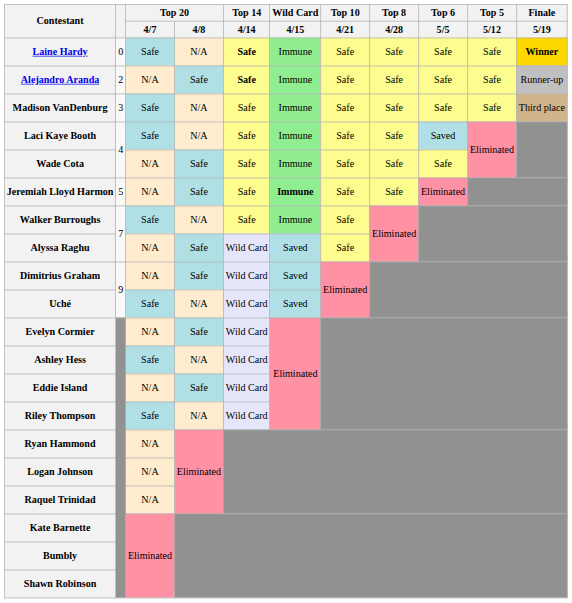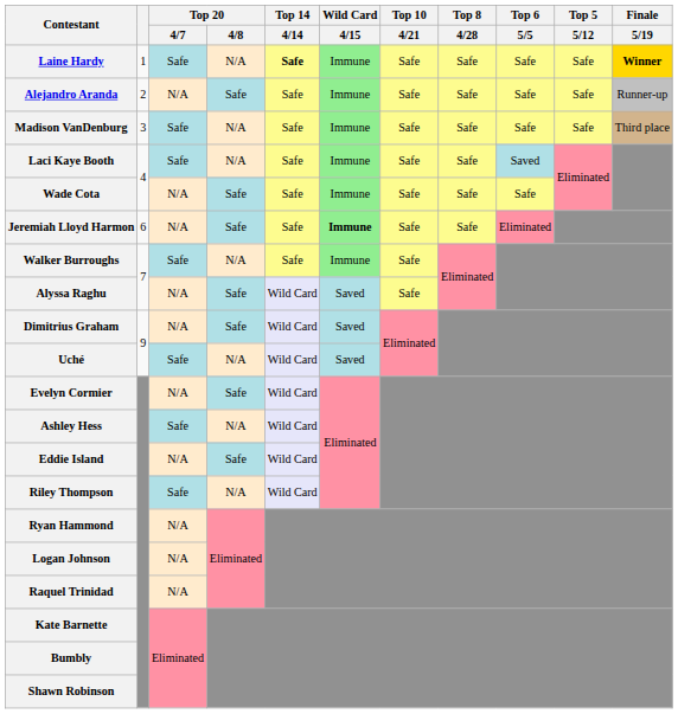 <table class="wikitable" style="text-align:center; font-size:90%;">
 <tr>
 <th rowspan="2" scope="col">Contestant</th>
 <th rowspan="2" scope="col"></th>
 <th colspan="2" scope="col">Top 20</th>
 <th scope="col">Top 14</th>
 <th scope="col">Wild Card</th>
 <th scope="col">Top 10</th>
 <th scope="col">Top 8</th>
 <th scope="col">Top 6</th>
 <th scope="col">Top 5</th>
 <th scope="col">Finale</th>
 </tr>
 <tr>
 <th>4/7</th>
 <th>4/8</th>
 <th>4/14</th>
 <th>4/15</th>
 <th>4/21</th>
 <th>4/28</th>
 <th>5/5</th>
 <th>5/12</th>
 <th>5/19</th>
 </tr>
 <tr style="height:40px">
 <th scope="row"><a href='#'>Laine Hardy</a></th>
-<td>0</td>
+<td>1</td>
 <td style="background:#B0E0E6;">Safe</td>
 <td style="background:#FFEBCD;">N/A</td>
 <td style="background:#FDFC8F;"><strong>Safe</strong></td>
 <td bgcolor="lightgreen">Immune</td>
 <td style="background:#FDFC8F;">Safe</td>
 <td style="background:#FDFC8F;">Safe</td>
 <td style="background:#FDFC8F;">Safe</td>
 <td style="background:#FDFC8F;">Safe</td>
 <td style="background:gold;"><strong>Winner</strong></td>
 </tr>
 <tr style="height:40px">
 <th scope="row"><a href='#'>Alejandro Aranda</a></th>
 <td>2</td>
 <td style="background:#FFEBCD;">N/A</td>
 <td style="background:#B0E0E6;">Safe</td>
-<td style="background:#FDFC8F;"><strong>Safe</strong></td>
+<td style="background:#FDFC8F;">Safe</td>
 <td bgcolor="lightgreen">Immune</td>
 <td style="background:#FDFC8F;">Safe</td>
 <td style="background:#FDFC8F;">Safe</td>
 <td style="background:#FDFC8F;">Safe</td>
 <td style="background:#FDFC8F;">Safe</td>
 <td style="background:silver;">Runner-up</td>
 </tr>
 <tr style="height:40px">
 <th scope="row">Madison VanDenburg</th>
 <td>3</td>
 <td style="background:#B0E0E6;">Safe</td>
 <td style="background:#FFEBCD;">N/A</td>
 <td style="background:#FDFC8F;">Safe</td>
 <td bgcolor="lightgreen">Immune</td>
 <td style="background:#FDFC8F;">Safe</td>
 <td style="background:#FDFC8F;">Safe</td>
 <td style="background:#FDFC8F;">Safe</td>
 <td style="background:#FDFC8F;">Safe</td>
 <td style="background:tan">Third place</td>
 </tr>
 <tr style="height:40px">
 <th scope="row">Laci Kaye Booth</th>
 <td rowspan="2">4</td>
 <td style="background:#B0E0E6;">Safe</td>
 <td style="background:#FFEBCD;">N/A</td>
 <td style="background:#FDFC8F;">Safe</td>
 <td bgcolor="lightgreen">Immune</td>
 <td style="background:#FDFC8F;">Safe</td>
 <td style="background:#FDFC8F;">Safe</td>
 <td style="background:#B0E0E6;">Saved</td>
 <td style="background:#FF91A4;" rowspan="2">Eliminated</td>
 <td style="background:#919191;" rowspan="2"></td>
 </tr>
 <tr style="height:40px">
 <th scope="row">Wade Cota</th>
 <td style="background:#FFEBCD;">N/A</td>
 <td style="background:#B0E0E6;">Safe</td>
 <td style="background:#FDFC8F;">Safe</td>
 <td bgcolor="lightgreen">Immune</td>
 <td style="background:#FDFC8F;">Safe</td>
 <td style="background:#FDFC8F;">Safe</td>
 <td style="background:#FDFC8F;">Safe</td>
 </tr>
 <tr style="height:40px">
 <th scope="row">Jeremiah Lloyd Harmon</th>
-<td>5</td>
+<td>6</td>
 <td style="background:#FFEBCD;">N/A</td>
 <td style="background:#B0E0E6;">Safe</td>
 <td style="background:#FDFC8F;">Safe</td>
 <td bgcolor="lightgreen"><strong>Immune</strong></td>
 <td style="background:#FDFC8F;">Safe</td>
 <td style="background:#FDFC8F;">Safe</td>
 <td style="background:#FF91A4;">Eliminated</td>
 <td style="background:#919191;" colspan="2"></td>
 </tr>
 <tr style="height:40px">
 <th scope="row">Walker Burroughs</th>
 <td rowspan="2">7</td>
 <td style="background:#B0E0E6;">Safe</td>
 <td style="background:#FFEBCD;">N/A</td>
 <td style="background:#FDFC8F;">Safe</td>
 <td bgcolor="lightgreen">Immune</td>
 <td style="background:#FDFC8F;">Safe</td>
 <td style="background:#FF91A4;" rowspan="2">Eliminated</td>
 <td style="background:#919191;" colspan="3" rowspan="2"></td>
 </tr>
 <tr style="height:40px">
 <th scope="row">Alyssa Raghu</th>
 <td style="background:#FFEBCD;">N/A</td>
 <td style="background:#B0E0E6;">Safe</td>
 <td style="background:#E6E6FA;">Wild Card</td>
 <td style="background:#B0E0E6;">Saved</td>
 <td style="background:#FDFC8F;">Safe</td>
 </tr>
 <tr style="height:40px">
 <th scope="row">Dimitrius Graham</th>
 <td rowspan="2">9</td>
 <td style="background:#FFEBCD;">N/A</td>
 <td style="background:#B0E0E6;">Safe</td>
 <td style="background:#E6E6FA;">Wild Card</td>
 <td style="background:#B0E0E6;">Saved</td>
 <td style="background:#FF91A4;" rowspan="2">Eliminated</td>
 <td style="background:#919191;" colspan="4" rowspan="2"></td>
 </tr>
 <tr style="height:40px">
 <th scope="row">Uché</th>
 <td style="background:#B0E0E6;">Safe</td>
 <td style="background:#FFEBCD;">N/A</td>
 <td style="background:#E6E6FA;">Wild Card</td>
 <td style="background:#B0E0E6;">Saved</td>
 </tr>
 <tr style="height:40px">
 <th scope="row">Evelyn Cormier</th>
 <td rowspan="10" bgcolor="919191"></td>
 <td style="background:#FFEBCD;">N/A</td>
 <td style="background:#B0E0E6;">Safe</td>
 <td style="background:#E6E6FA;">Wild Card</td>
 <td style="background:#FF91A4;" rowspan="4">Eliminated</td>
 <td colspan="5" rowspan="4" style="background:#919191;"></td>
 </tr>
 <tr style="height:40px">
 <th scope="row">Ashley Hess</th>
 <td style="background:#B0E0E6;">Safe</td>
 <td style="background:#FFEBCD;">N/A</td>
 <td style="background:#E6E6FA;">Wild Card</td>
 </tr>
 <tr style="height:40px">
 <th scope="row">Eddie Island</th>
 <td style="background:#FFEBCD;">N/A</td>
 <td style="background:#B0E0E6;">Safe</td>
 <td style="background:#E6E6FA;">Wild Card</td>
 </tr>
 <tr style="height:40px">
 <th scope="row">Riley Thompson</th>
 <td style="background:#B0E0E6;">Safe</td>
 <td style="background:#FFEBCD;">N/A</td>
 <td style="background:#E6E6FA;">Wild Card</td>
 </tr>
 <tr style="height:40px">
 <th scope="row">Ryan Hammond</th>
 <td style="background:#FFEBCD;">N/A</td>
 <td style="background:#FF91A4;" rowspan="3">Eliminated</td>
 <td style="background:#919191;" colspan="7" rowspan="3"></td>
 </tr>
 <tr style="height:40px">
 <th scope="row">Logan Johnson</th>
 <td style="background:#FFEBCD;">N/A</td>
 </tr>
 <tr style="height:40px">
 <th scope="row">Raquel Trinidad</th>
 <td style="background:#FFEBCD;">N/A</td>
 </tr>
 <tr style="height:40px">
 <th scope="row">Kate Barnette</th>
 <td style="background:#FF91A4;" rowspan="3">Eliminated</td>
 <td style="background:#919191;" colspan="8" rowspan="3"></td>
 </tr>
 <tr style="height:40px">
 <th scope="row">Bumbly</th>
 </tr>
 <tr style="height:40px">
 <th scope="row">Shawn Robinson</th>
 </tr>
 </table>
